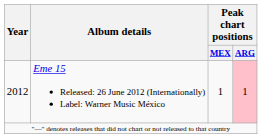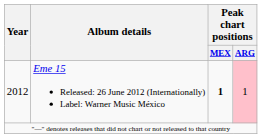 <table class="wikitable" style="text-align:center;">
 <tr>
 <th rowspan="2">Year</th>
 <th rowspan="2">Album details</th>
 <th colspan="3">Peak chart positions</th>
 </tr>
 <tr style="font-size:smaller">
 <th style="width:30px;"><a href='#'>MEX</a></th>
 <th style="width:30px;"><a href='#'>ARG</a></th>
 </tr>
 <tr>
 <td>2012</td>
 <td style="text-align:left;"><em><a href='#'>Eme 15</a></em><br><ul><li><small>Released: 26 June 2012 (Internationally)</small></li><li><small>Label: Warner Music México</small></li></ul></td>
-<td>1</td>
+<td><strong>1</strong></td>
 <td style="background: pink;">1</td>
 </tr>
 <tr>
 <td colspan="10" style="font-size:8pt">"—" denotes releases that did not chart or not released to that country</td>
 </tr>
 </table>
